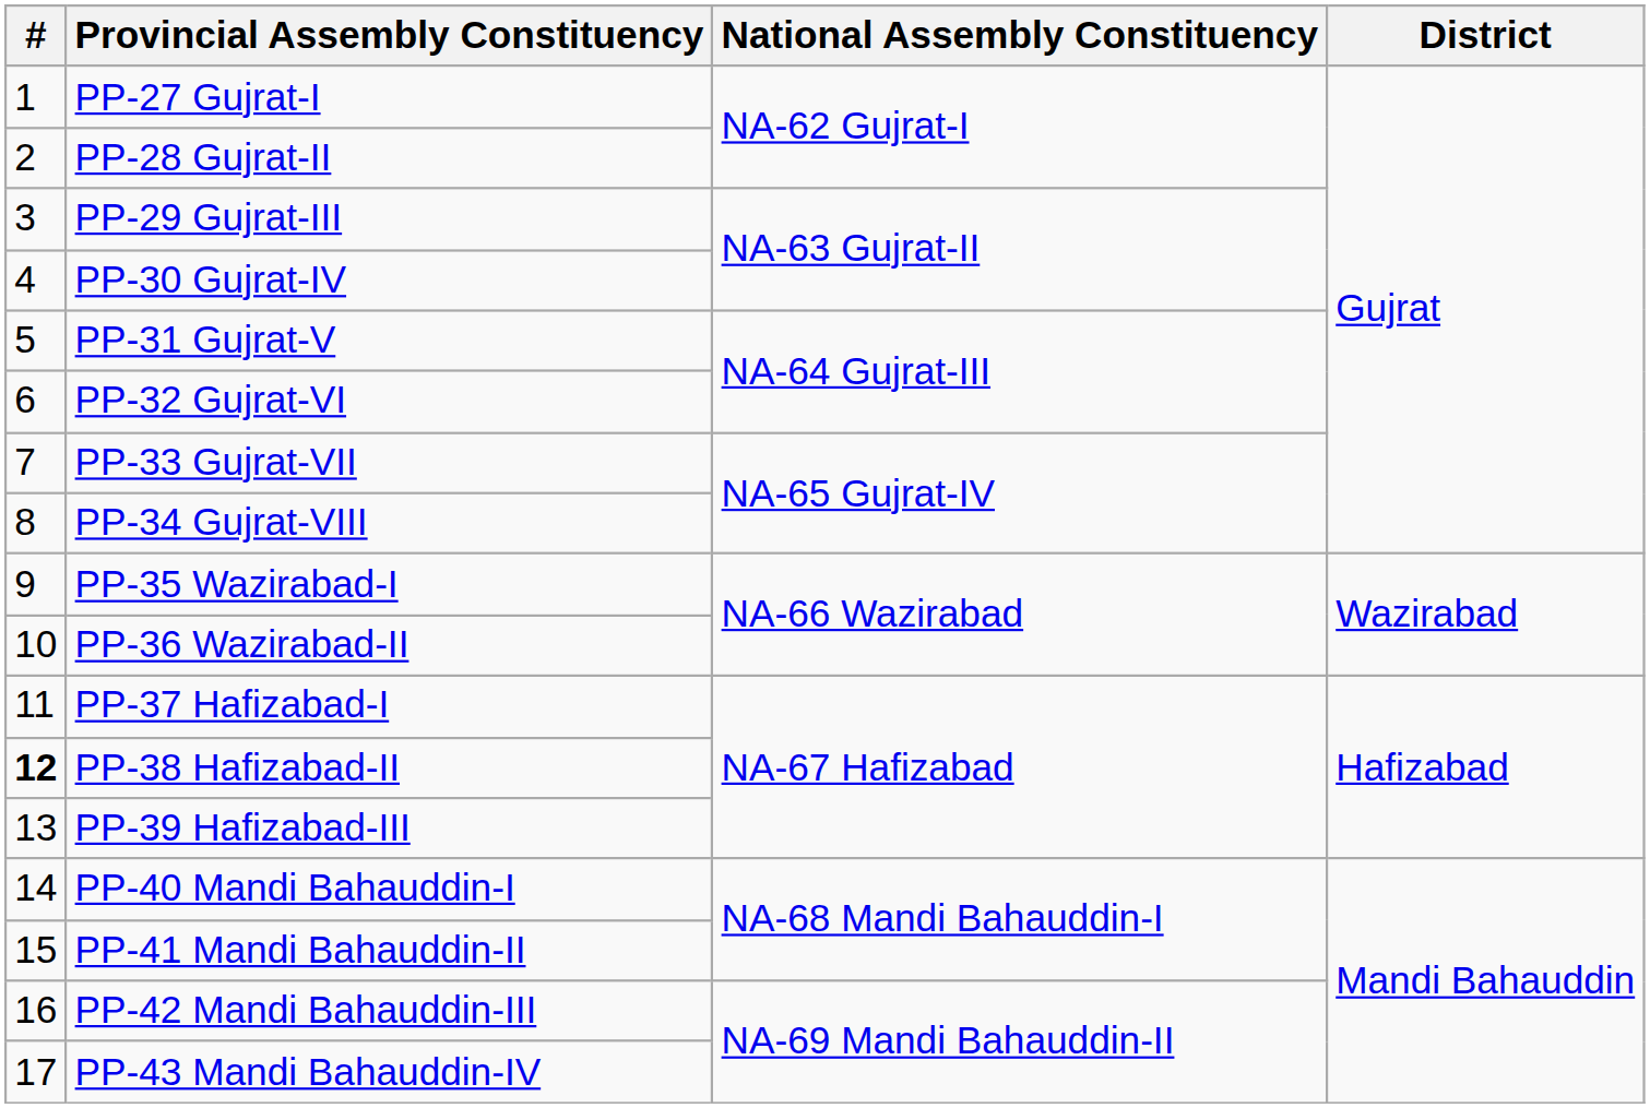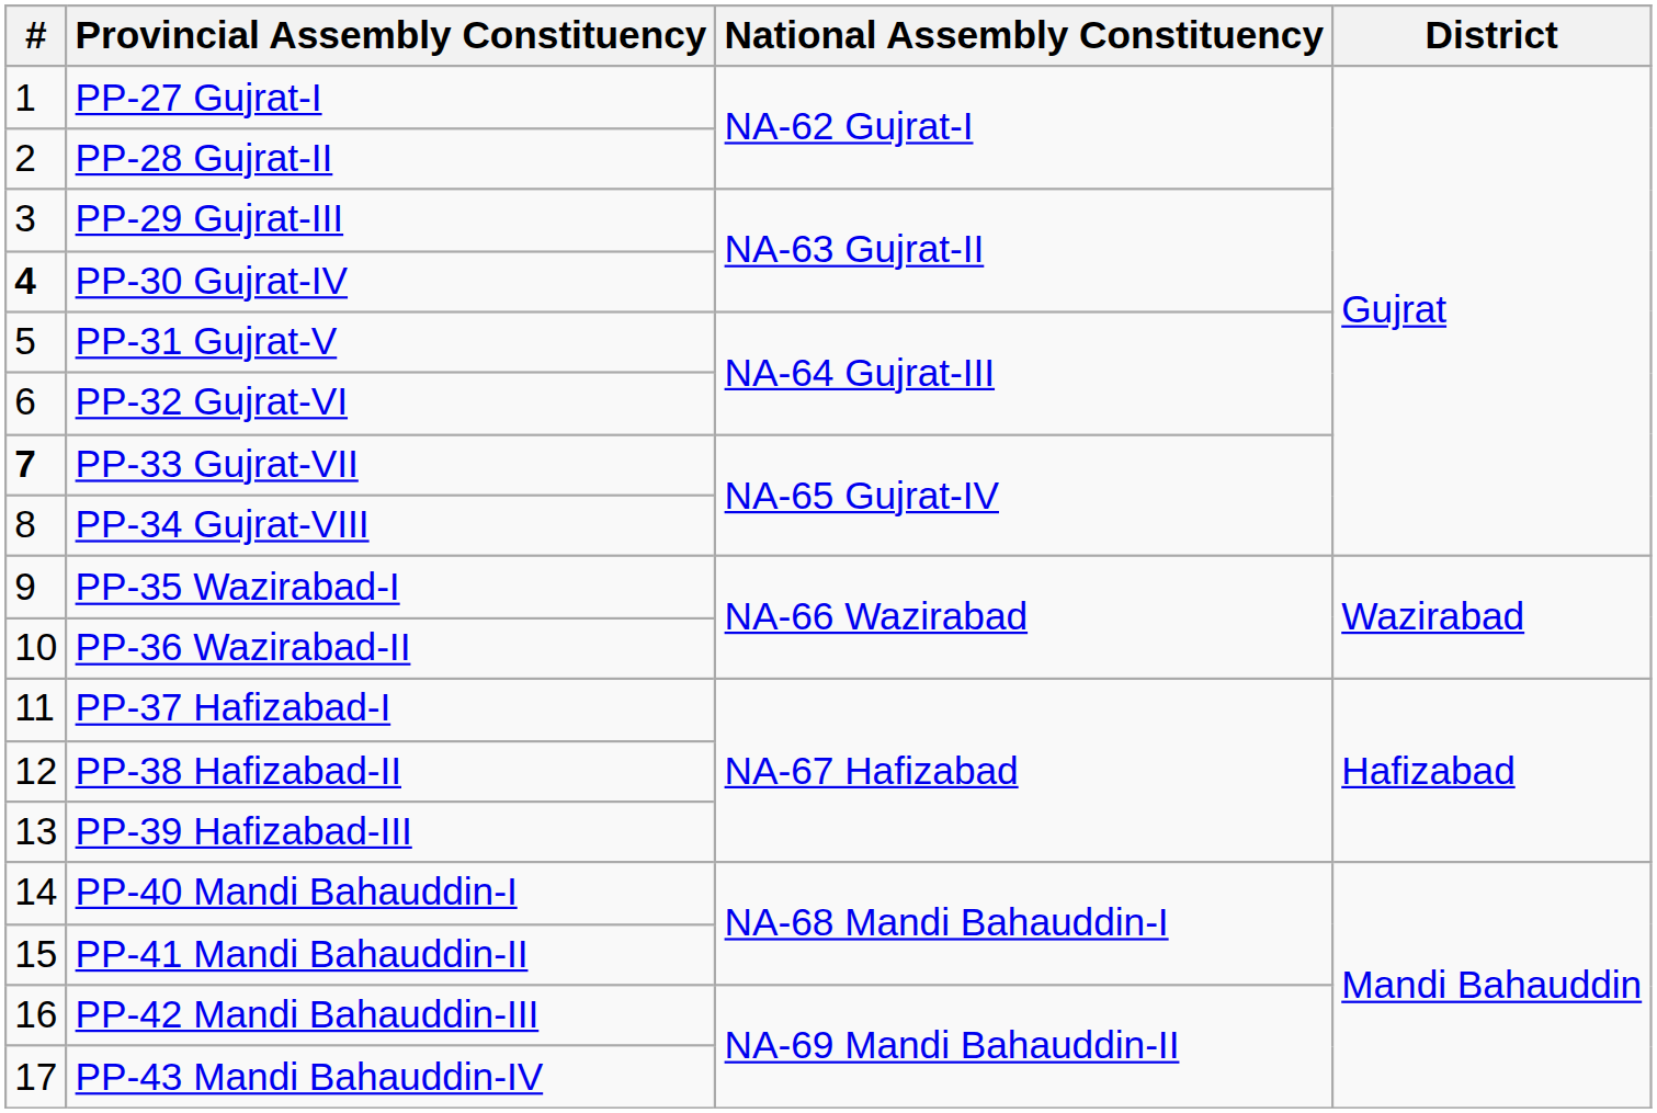 <table class="wikitable sortable">
 <tr>
 <th>#</th>
 <th>Provincial Assembly Constituency</th>
 <th>National Assembly Constituency</th>
 <th>District</th>
 </tr>
 <tr>
 <td>1</td>
 <td><a href='#'>PP-27 Gujrat-I</a></td>
 <td rowspan="2"><a href='#'>NA-62 Gujrat-I</a></td>
 <td rowspan="8"><a href='#'>Gujrat</a></td>
 </tr>
 <tr>
 <td>2</td>
 <td><a href='#'>PP-28 Gujrat-II</a></td>
 </tr>
 <tr>
 <td>3</td>
 <td><a href='#'>PP-29 Gujrat-III</a></td>
 <td rowspan="2"><a href='#'>NA-63 Gujrat-II</a></td>
 </tr>
 <tr>
-<td>4</td>
+<td><strong>4</strong></td>
 <td><a href='#'>PP-30 Gujrat-IV</a></td>
 </tr>
 <tr>
 <td>5</td>
 <td><a href='#'>PP-31 Gujrat-V</a></td>
 <td rowspan="2"><a href='#'>NA-64 Gujrat-III</a></td>
 </tr>
 <tr>
 <td>6</td>
 <td><a href='#'>PP-32 Gujrat-VI</a></td>
 </tr>
 <tr>
-<td>7</td>
+<td><strong>7</strong></td>
 <td><a href='#'>PP-33 Gujrat-VII</a></td>
 <td rowspan="2"><a href='#'>NA-65 Gujrat-IV</a></td>
 </tr>
 <tr>
 <td>8</td>
 <td><a href='#'>PP-34 Gujrat-VIII</a></td>
 </tr>
 <tr>
 <td>9</td>
 <td><a href='#'>PP-35 Wazirabad-I</a></td>
 <td rowspan="2"><a href='#'>NA-66 Wazirabad</a></td>
 <td rowspan="2"><a href='#'>Wazirabad</a></td>
 </tr>
 <tr>
 <td>10</td>
 <td><a href='#'>PP-36 Wazirabad-II</a></td>
 </tr>
 <tr>
 <td>11</td>
 <td><a href='#'>PP-37 Hafizabad-I</a></td>
 <td rowspan="3"><a href='#'>NA-67 Hafizabad</a></td>
 <td rowspan="3"><a href='#'>Hafizabad</a></td>
 </tr>
 <tr>
-<td><strong>12</strong></td>
+<td>12</td>
 <td><a href='#'>PP-38 Hafizabad-II</a></td>
 </tr>
 <tr>
 <td>13</td>
 <td><a href='#'>PP-39 Hafizabad-III</a></td>
 </tr>
 <tr>
 <td>14</td>
 <td><a href='#'>PP-40 Mandi Bahauddin-I</a></td>
 <td rowspan="2"><a href='#'>NA-68 Mandi Bahauddin-I</a></td>
 <td rowspan="4"><a href='#'>Mandi Bahauddin</a></td>
 </tr>
 <tr>
 <td>15</td>
 <td><a href='#'>PP-41 Mandi Bahauddin-II</a></td>
 </tr>
 <tr>
 <td>16</td>
 <td><a href='#'>PP-42 Mandi Bahauddin-III</a></td>
 <td rowspan="2"><a href='#'>NA-69 Mandi Bahauddin-II</a></td>
 </tr>
 <tr>
 <td>17</td>
 <td><a href='#'>PP-43 Mandi Bahauddin-IV</a></td>
 </tr>
 </table>
